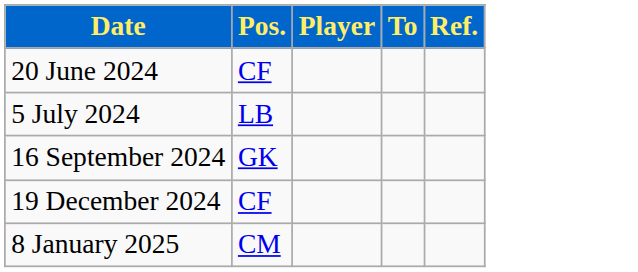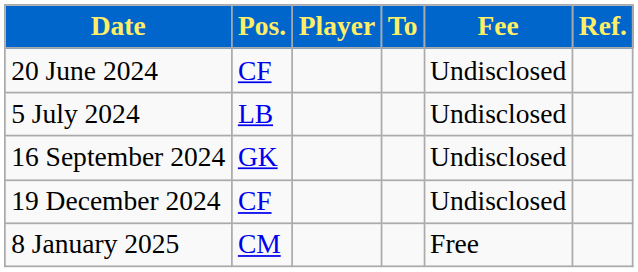 <table class="wikitable plainrowheaders sortable">
 <tr>
 <th style="background:#0066cb; color:#fe6; ">Date</th>
 <th style="background:#0066cb; color:#fe6; ">Pos.</th>
 <th style="background:#0066cb; color:#fe6; ">Player</th>
 <th style="background:#0066cb; color:#fe6; ">To</th>
+<th style="background:#0066cb; color:#fe6; ">Fee</th>
 <th style="background:#0066cb; color:#fe6; ">Ref.</th>
 </tr>
 <tr>
 <td>20 June 2024</td>
 <td><a href='#'>CF</a></td>
 <td></td>
 <td></td>
+<td>Undisclosed</td>
 <td></td>
 </tr>
 <tr>
 <td>5 July 2024</td>
 <td><a href='#'>LB</a></td>
 <td></td>
 <td></td>
+<td>Undisclosed</td>
 <td></td>
 </tr>
 <tr>
 <td>16 September 2024</td>
 <td><a href='#'>GK</a></td>
 <td></td>
 <td></td>
+<td>Undisclosed</td>
 <td></td>
 </tr>
 <tr>
 <td>19 December 2024</td>
 <td><a href='#'>CF</a></td>
 <td></td>
 <td></td>
+<td>Undisclosed</td>
 <td></td>
 </tr>
 <tr>
 <td>8 January 2025</td>
 <td><a href='#'>CM</a></td>
 <td></td>
 <td></td>
+<td>Free</td>
 <td></td>
 </tr>
 </table>
